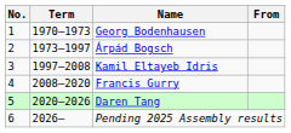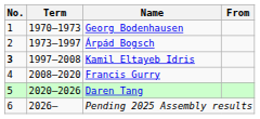 <table class= "wikitable">
 <tr>
 <th>No.</th>
 <th>Term</th>
 <th>Name</th>
 <th>From</th>
 </tr>
 <tr>
 <td>1</td>
 <td>1970–1973</td>
 <td><a href='#'>Georg Bodenhausen</a></td>
 <td></td>
 </tr>
 <tr>
 <td>2</td>
 <td>1973–1997</td>
 <td><a href='#'>Árpád Bogsch</a></td>
 <td></td>
 </tr>
 <tr>
-<td>3</td>
+<td><strong>3</strong></td>
 <td>1997–2008</td>
 <td><a href='#'>Kamil Eltayeb Idris</a></td>
 <td></td>
 </tr>
 <tr>
 <td>4</td>
 <td>2008–2020</td>
 <td><a href='#'>Francis Gurry</a></td>
 <td></td>
 </tr>
 <tr style= "background:#ccffcc">
 <td>5</td>
 <td>2020–2026</td>
 <td><a href='#'>Daren Tang</a></td>
 <td></td>
 </tr>
 <tr>
 <td>6</td>
 <td>2026–</td>
 <td colspan="2"><em>Pending 2025 Assembly results</em></td>
 </tr>
 </table>
